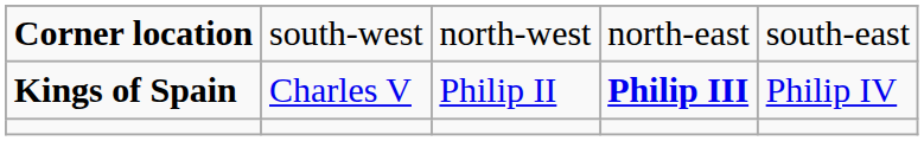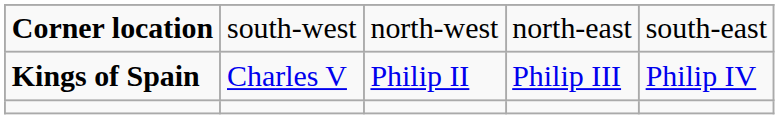 <table class="wikitable">
 <tr valign="top">
 <td><strong>Corner location</strong></td>
 <td>south-west</td>
 <td>north-west</td>
 <td>north-east</td>
 <td>south-east</td>
 </tr>
 <tr valign="top">
 <td><strong>Kings of Spain</strong></td>
 <td><a href='#'>Charles V</a></td>
 <td><a href='#'>Philip II</a></td>
-<td><strong><a href='#'>Philip III</a></strong></td>
+<td><a href='#'>Philip III</a></td>
 <td><a href='#'>Philip IV</a></td>
 </tr>
 <tr valign="top">
 <td><em> </em></td>
 <td></td>
 <td></td>
 <td></td>
 <td></td>
 </tr>
 </table>
